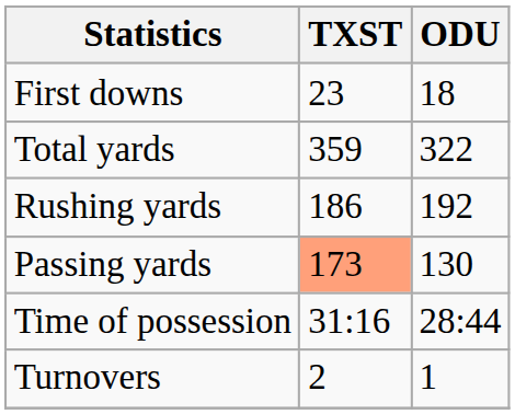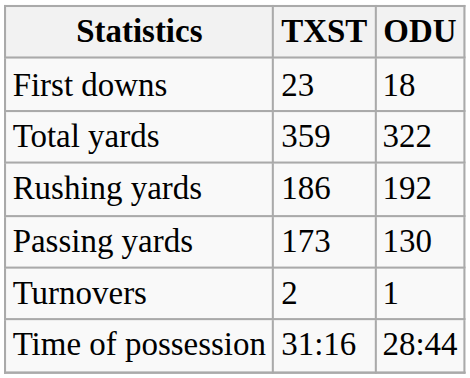 <table class="wikitable" style="float: left;">
 <tr>
 <th>Statistics</th>
 <th>TXST</th>
 <th>ODU</th>
 </tr>
 <tr>
 <td>First downs</td>
 <td>23</td>
 <td>18</td>
 </tr>
 <tr>
 <td>Total yards</td>
 <td>359</td>
 <td>322</td>
 </tr>
 <tr>
 <td>Rushing yards</td>
 <td>186</td>
 <td>192</td>
 </tr>
 <tr>
 <td>Passing yards</td>
-<td style="background: lightsalmon;">173</td>
+<td>173</td>
 <td>130</td>
+</tr>
+<tr>
+<td>Turnovers</td>
+<td>2</td>
+<td>1</td>
 </tr>
 <tr>
 <td>Time of possession</td>
 <td>31:16</td>
 <td>28:44</td>
 </tr>
 <tr>
-<td>Turnovers</td>
-<td>2</td>
-<td>1</td>
-</tr>
-<tr>
 </tr>
 </table>
